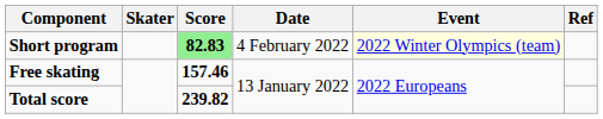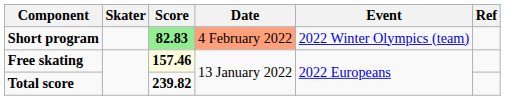 <table class="wikitable">
 <tr>
 <th>Component</th>
 <th>Skater</th>
 <th>Score</th>
 <th>Date</th>
 <th>Event</th>
 <th>Ref</th>
 </tr>
 <tr>
 <td><strong>Short program</strong></td>
 <td></td>
 <td align="center" style="background: lightgreen;"><strong>82.83</strong></td>
-<td>4 February 2022</td>
-<td style="background: lightyellow;"><a href='#'>2022 Winter Olympics (team)</a></td>
+<td style="background: lightsalmon;">4 February 2022</td>
+<td><a href='#'>2022 Winter Olympics (team)</a></td>
 <td></td>
 </tr>
 <tr>
 <td><strong>Free skating</strong></td>
 <td rowspan=2></td>
-<td align="center"><strong>157.46</strong></td>
+<td align="center" style="background: lightyellow;"><strong>157.46</strong></td>
 <td rowspan=2>13 January 2022</td>
 <td rowspan=2><a href='#'>2022 Europeans</a></td>
 <td></td>
 </tr>
 <tr>
 <td><strong>Total score</strong></td>
 <td align="center"><strong>239.82</strong></td>
 <td></td>
 </tr>
 </table>
